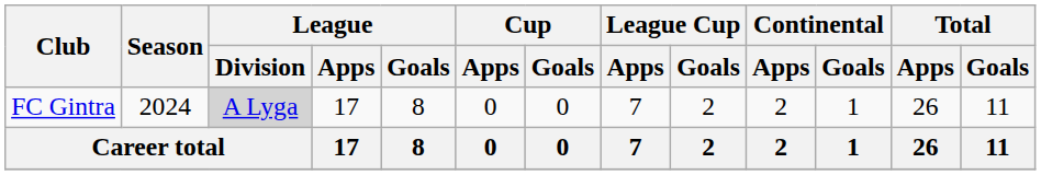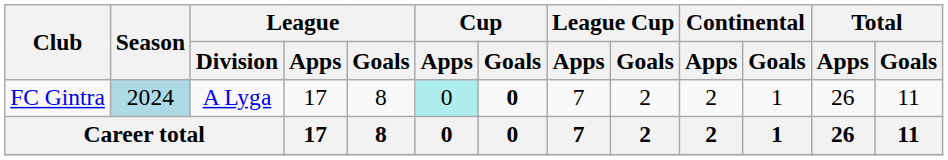 <table class="wikitable" style="text-align:center">
 <tr>
 <th rowspan="2">Club</th>
 <th rowspan="2">Season</th>
 <th colspan="3">League</th>
 <th colspan="2">Cup</th>
 <th colspan="2">League Cup</th>
 <th colspan="2">Continental</th>
 <th colspan="2">Total</th>
 </tr>
 <tr>
 <th>Division</th>
 <th>Apps</th>
 <th>Goals</th>
 <th>Apps</th>
 <th>Goals</th>
 <th>Apps</th>
 <th>Goals</th>
 <th>Apps</th>
 <th>Goals</th>
 <th>Apps</th>
 <th>Goals</th>
 </tr>
 <tr>
 <td><a href='#'>FC Gintra</a></td>
-<td>2024</td>
-<td style="background: lightgrey;"><a href='#'>A Lyga</a></td>
+<td style="background: lightblue;">2024</td>
+<td><a href='#'>A Lyga</a></td>
 <td>17</td>
 <td>8</td>
-<td>0</td>
-<td>0</td>
+<td style="background: paleturquoise;">0</td>
+<td><strong>0</strong></td>
 <td>7</td>
 <td>2</td>
 <td>2</td>
 <td>1</td>
 <td>26</td>
 <td>11</td>
 </tr>
 <tr>
 <th colspan="3">Career total</th>
 <th>17</th>
 <th>8</th>
 <th>0</th>
 <th>0</th>
 <th>7</th>
 <th>2</th>
 <th>2</th>
 <th>1</th>
 <th>26</th>
 <th>11</th>
 </tr>
 <tr>
 </tr>
 </table>
